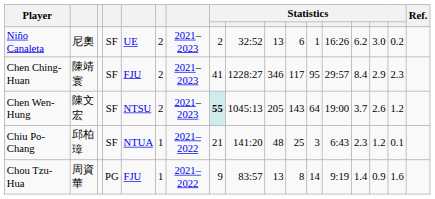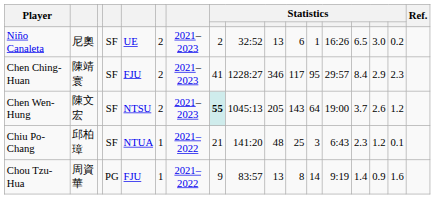 <table class="wikitable sortable" style="font-size:95%; text-align:right;">
 <tr>
 <th rowspan="2">Player</th>
 <th rowspan="2"></th>
 <th rowspan="2"></th>
 <th rowspan="2"></th>
 <th rowspan="2"></th>
 <th rowspan="2"></th>
 <th rowspan="2"></th>
 <th colspan="9">Statistics</th>
 <th rowspan="2">Ref.</th>
 </tr>
 <tr>
 <th></th>
 <th></th>
 <th></th>
 <th></th>
 <th></th>
 <th></th>
 <th></th>
 <th></th>
 <th></th>
 </tr>
 <tr>
 <td align="left"><a href='#'>Niño Canaleta</a></td>
 <td align="left">尼奧</td>
 <td align="center"></td>
 <td align="center">SF</td>
 <td align="left"><a href='#'>UE</a></td>
 <td align="center">2</td>
 <td align="center"><a href='#'>2021</a>–<a href='#'>2023</a></td>
 <td>2</td>
 <td>32:52</td>
 <td>13</td>
 <td>6</td>
 <td>1</td>
 <td>16:26</td>
-<td>6.2</td>
+<td>6.5</td>
 <td>3.0</td>
 <td>0.2</td>
 <td align="center"></td>
 </tr>
 <tr>
 <td align="left">Chen Ching-Huan</td>
 <td align="left">陳靖寰</td>
 <td align="center"></td>
 <td align="center">SF</td>
 <td align="left"><a href='#'>FJU</a></td>
 <td align="center">2</td>
 <td align="center"><a href='#'>2021</a>–<a href='#'>2023</a></td>
 <td>41</td>
 <td>1228:27</td>
 <td>346</td>
 <td>117</td>
 <td>95</td>
 <td>29:57</td>
 <td>8.4</td>
 <td>2.9</td>
 <td>2.3</td>
 <td align="center"></td>
 </tr>
 <tr>
 <td align="left">Chen Wen-Hung</td>
 <td align="left">陳文宏</td>
 <td align="center"></td>
 <td align="center">SF</td>
 <td align="left"><a href='#'>NTSU</a></td>
 <td align="center">2</td>
 <td align="center"><a href='#'>2021</a>–<a href='#'>2023</a></td>
 <td bgcolor="#CFECEC"><strong>55</strong></td>
 <td>1045:13</td>
 <td>205</td>
 <td>143</td>
 <td>64</td>
 <td>19:00</td>
 <td>3.7</td>
 <td>2.6</td>
 <td>1.2</td>
 <td align="center"></td>
 </tr>
 <tr>
 <td align="left">Chiu Po-Chang</td>
 <td align="left">邱柏璋</td>
 <td align="center"></td>
 <td align="center">SF</td>
 <td align="left"><a href='#'>NTUA</a></td>
 <td align="center">1</td>
 <td align="center"><a href='#'>2021–2022</a></td>
 <td>21</td>
 <td>141:20</td>
 <td>48</td>
 <td>25</td>
 <td>3</td>
 <td>6:43</td>
 <td>2.3</td>
 <td>1.2</td>
 <td>0.1</td>
 <td align="center"></td>
 </tr>
 <tr>
 <td align="left">Chou Tzu-Hua</td>
 <td align="left">周資華</td>
 <td align="center"></td>
 <td align="center">PG</td>
 <td align="left"><a href='#'>FJU</a></td>
 <td align="center">1</td>
 <td align="center"><a href='#'>2021–2022</a></td>
 <td>9</td>
 <td>83:57</td>
 <td>13</td>
 <td>8</td>
 <td>14</td>
 <td>9:19</td>
 <td>1.4</td>
 <td>0.9</td>
 <td>1.6</td>
 <td align="center"></td>
 </tr>
 </table>
